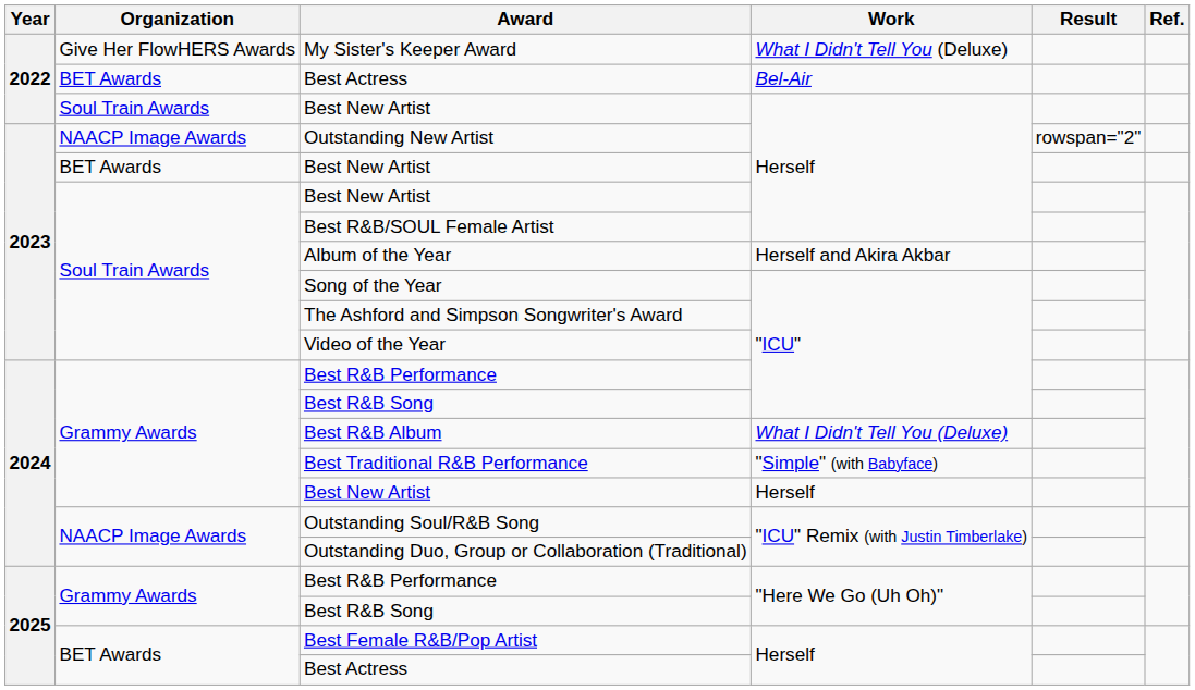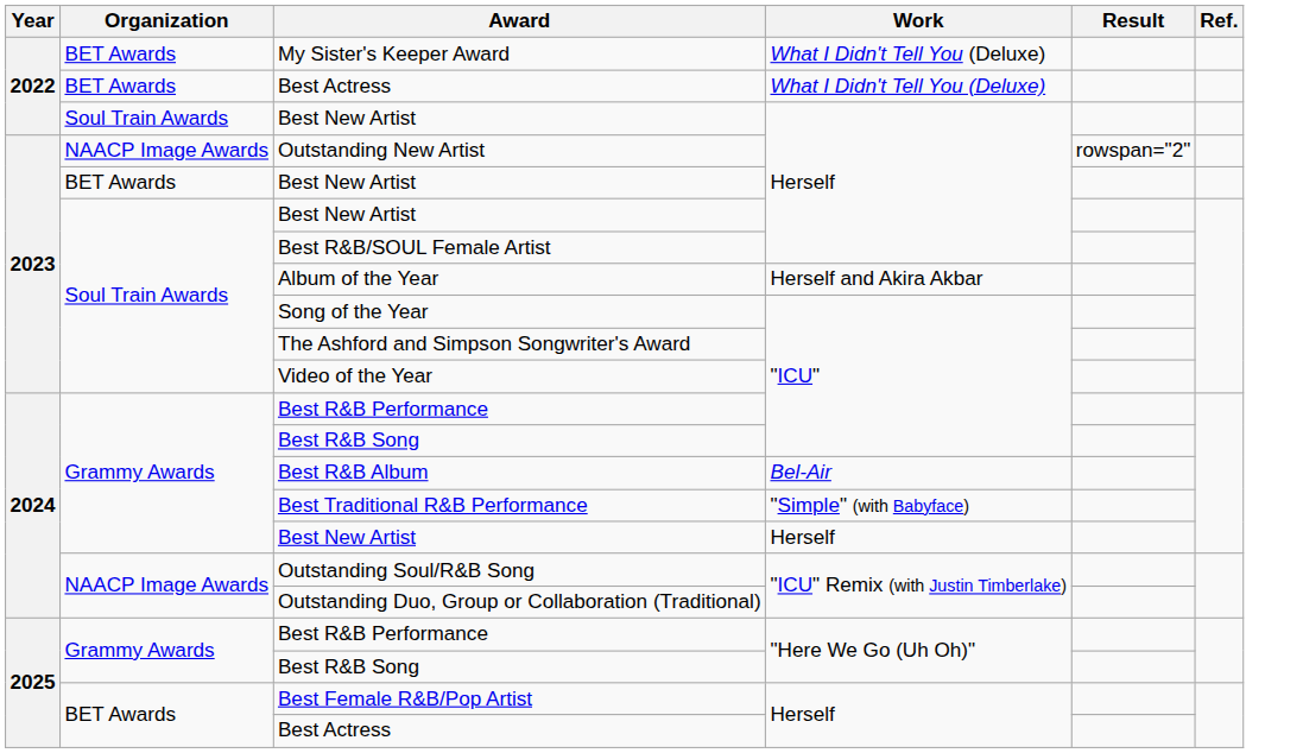 <table class="wikitable plainrowheaders">
 <tr>
 <th>Year</th>
 <th>Organization</th>
 <th>Award</th>
 <th>Work</th>
 <th>Result</th>
 <th>Ref.</th>
 </tr>
 <tr>
 <th rowspan="3"><strong>2022</strong></th>
-<td>Give Her FlowHERS Awards</td>
+<td><a href='#'>BET Awards</a></td>
 <td>My Sister's Keeper Award</td>
 <td><em><a href='#'>What I Didn't Tell You</a></em> (Deluxe)</td>
 <td></td>
 <td></td>
 </tr>
 <tr>
 <td><a href='#'>BET Awards</a></td>
 <td>Best Actress</td>
-<td><em><a href='#'>Bel-Air</a></em></td>
+<td><em><a href='#'>What I Didn't Tell You (Deluxe)</a></em></td>
 <td></td>
 <td></td>
 </tr>
 <tr>
 <td><a href='#'>Soul Train Awards</a></td>
 <td>Best New Artist</td>
 <td rowspan="5">Herself</td>
 <td></td>
 <td></td>
 </tr>
 <tr>
 <th rowspan="8">2023</th>
 <td><a href='#'>NAACP Image Awards</a></td>
 <td>Outstanding New Artist</td>
 <td>rowspan="2" </td>
 <td></td>
 </tr>
 <tr>
 <td>BET Awards</td>
 <td>Best New Artist</td>
 <td></td>
 </tr>
 <tr>
 <td rowspan="6"><a href='#'>Soul Train Awards</a></td>
 <td>Best New Artist</td>
 <td></td>
 <td rowspan="6"></td>
 </tr>
 <tr>
 <td>Best R&B/SOUL Female Artist</td>
 <td></td>
 </tr>
 <tr>
 <td>Album of the Year</td>
 <td>Herself and Akira Akbar</td>
 <td></td>
 </tr>
 <tr>
 <td>Song of the Year</td>
 <td rowspan="5">"<a href='#'>ICU</a>"</td>
 <td></td>
 </tr>
 <tr>
 <td>The Ashford and Simpson Songwriter's Award</td>
 <td></td>
 </tr>
 <tr>
 <td>Video of the Year</td>
 <td></td>
 </tr>
 <tr>
 <th rowspan="7"><strong>2024</strong></th>
 <td rowspan="5"><a href='#'>Grammy Awards</a></td>
 <td><a href='#'>Best R&B Performance</a></td>
 <td></td>
 <td rowspan="5" style="text-align:center;"></td>
 </tr>
 <tr>
 <td><a href='#'>Best R&B Song</a></td>
 <td></td>
 </tr>
 <tr>
 <td><a href='#'>Best R&B Album</a></td>
-<td><em><a href='#'>What I Didn't Tell You (Deluxe)</a></em></td>
+<td><em><a href='#'>Bel-Air</a></em></td>
 <td></td>
 </tr>
 <tr>
 <td><a href='#'>Best Traditional R&B Performance</a></td>
 <td>"<a href='#'>Simple</a>" <small>(with <a href='#'>Babyface</a>)</small></td>
 <td></td>
 </tr>
 <tr>
 <td><a href='#'>Best New Artist</a></td>
 <td>Herself</td>
 <td></td>
 </tr>
 <tr>
 <td rowspan="2"><a href='#'>NAACP Image Awards</a></td>
 <td>Outstanding Soul/R&B Song</td>
 <td rowspan="2">"<a href='#'>ICU</a>" Remix <small>(with <a href='#'>Justin Timberlake</a>)</small></td>
 <td></td>
 <td rowspan="2" style="text-align:center;"></td>
 </tr>
 <tr>
 <td>Outstanding Duo, Group or Collaboration (Traditional)</td>
 <td></td>
 </tr>
 <tr>
 <th rowspan="4"><strong>2025</strong></th>
 <td rowspan="2"><a href='#'>Grammy Awards</a></td>
 <td>Best R&B Performance</td>
 <td rowspan="2">"Here We Go (Uh Oh)"</td>
 <td></td>
 <td rowspan="2" style="text-align:Center;"></td>
 </tr>
 <tr>
 <td>Best R&B Song</td>
 <td></td>
 </tr>
 <tr>
 <td rowspan="2">BET Awards</td>
 <td><a href='#'>Best Female R&B/Pop Artist</a></td>
 <td rowspan="2">Herself</td>
 <td></td>
 <td rowspan="2" style="text-align: center;"></td>
 </tr>
 <tr>
 <td>Best Actress</td>
 <td></td>
 </tr>
 </table>
